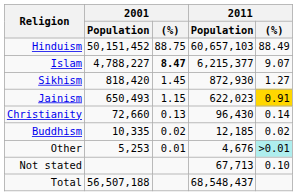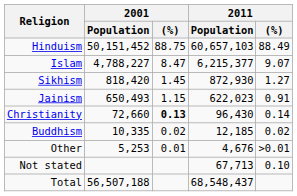 <table class="wikitable sortable"  style="text-align: right;">
 <tr>
 <th rowspan="2">Religion</th>
 <th colspan="2">2001</th>
 <th colspan="2">2011</th>
 </tr>
 <tr>
 <th>Population</th>
 <th>(%)</th>
 <th>Population</th>
 <th>(%)</th>
 </tr>
 <tr>
 <td> <a href='#'>Hinduism</a></td>
 <td>50,151,452</td>
 <td>88.75</td>
 <td>60,657,103</td>
 <td>88.49</td>
 </tr>
 <tr>
 <td><a href='#'>Islam</a> </td>
 <td>4,788,227</td>
-<td><strong>8.47</strong></td>
+<td>8.47</td>
 <td>6,215,377</td>
 <td>9.07</td>
 </tr>
 <tr>
 <td><a href='#'>Sikhism</a> </td>
 <td>818,420</td>
 <td>1.45</td>
 <td>872,930</td>
 <td>1.27</td>
 </tr>
 <tr>
 <td><a href='#'>Jainism</a> </td>
 <td>650,493</td>
 <td>1.15</td>
 <td>622,023</td>
-<td style="background: gold;">0.91</td>
+<td>0.91</td>
 </tr>
 <tr>
 <td><a href='#'>Christianity</a> </td>
 <td>72,660</td>
-<td>0.13</td>
+<td><strong>0.13</strong></td>
 <td>96,430</td>
 <td>0.14</td>
 </tr>
 <tr>
 <td><a href='#'>Buddhism</a> </td>
 <td>10,335</td>
 <td>0.02</td>
 <td>12,185</td>
 <td>0.02</td>
 </tr>
 <tr>
 <td>Other</td>
 <td>5,253</td>
 <td>0.01</td>
 <td>4,676</td>
-<td style="background: paleturquoise;">>0.01</td>
+<td>>0.01</td>
 </tr>
 <tr>
 <td>Not stated</td>
 <td></td>
 <td></td>
 <td>67,713</td>
 <td>0.10</td>
 </tr>
 <tr>
 <td>Total</td>
 <td>56,507,188</td>
 <td></td>
 <td>68,548,437</td>
 <td></td>
 </tr>
 </table>
